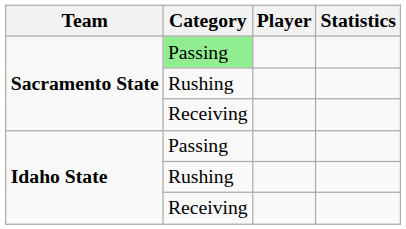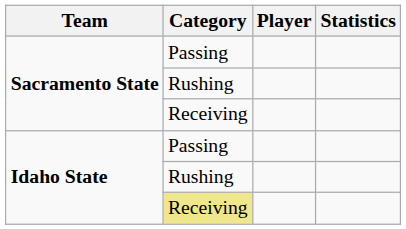 <table class="wikitable" style="float: right;">
 <tr>
 <th>Team</th>
 <th>Category</th>
 <th>Player</th>
 <th>Statistics</th>
 </tr>
 <tr>
 <td rowspan=3><strong>Sacramento State</strong></td>
-<td style="background: lightgreen;">Passing</td>
+<td>Passing</td>
 <td></td>
 <td></td>
 </tr>
 <tr>
 <td>Rushing</td>
 <td></td>
 <td></td>
 </tr>
 <tr>
 <td>Receiving</td>
 <td></td>
 <td></td>
 </tr>
 <tr>
 <td rowspan=3><strong>Idaho State</strong></td>
 <td>Passing</td>
 <td></td>
 <td></td>
 </tr>
 <tr>
 <td>Rushing</td>
 <td></td>
 <td></td>
 </tr>
 <tr>
-<td>Receiving</td>
+<td style="background: khaki;">Receiving</td>
 <td></td>
 <td></td>
 </tr>
 </table>
